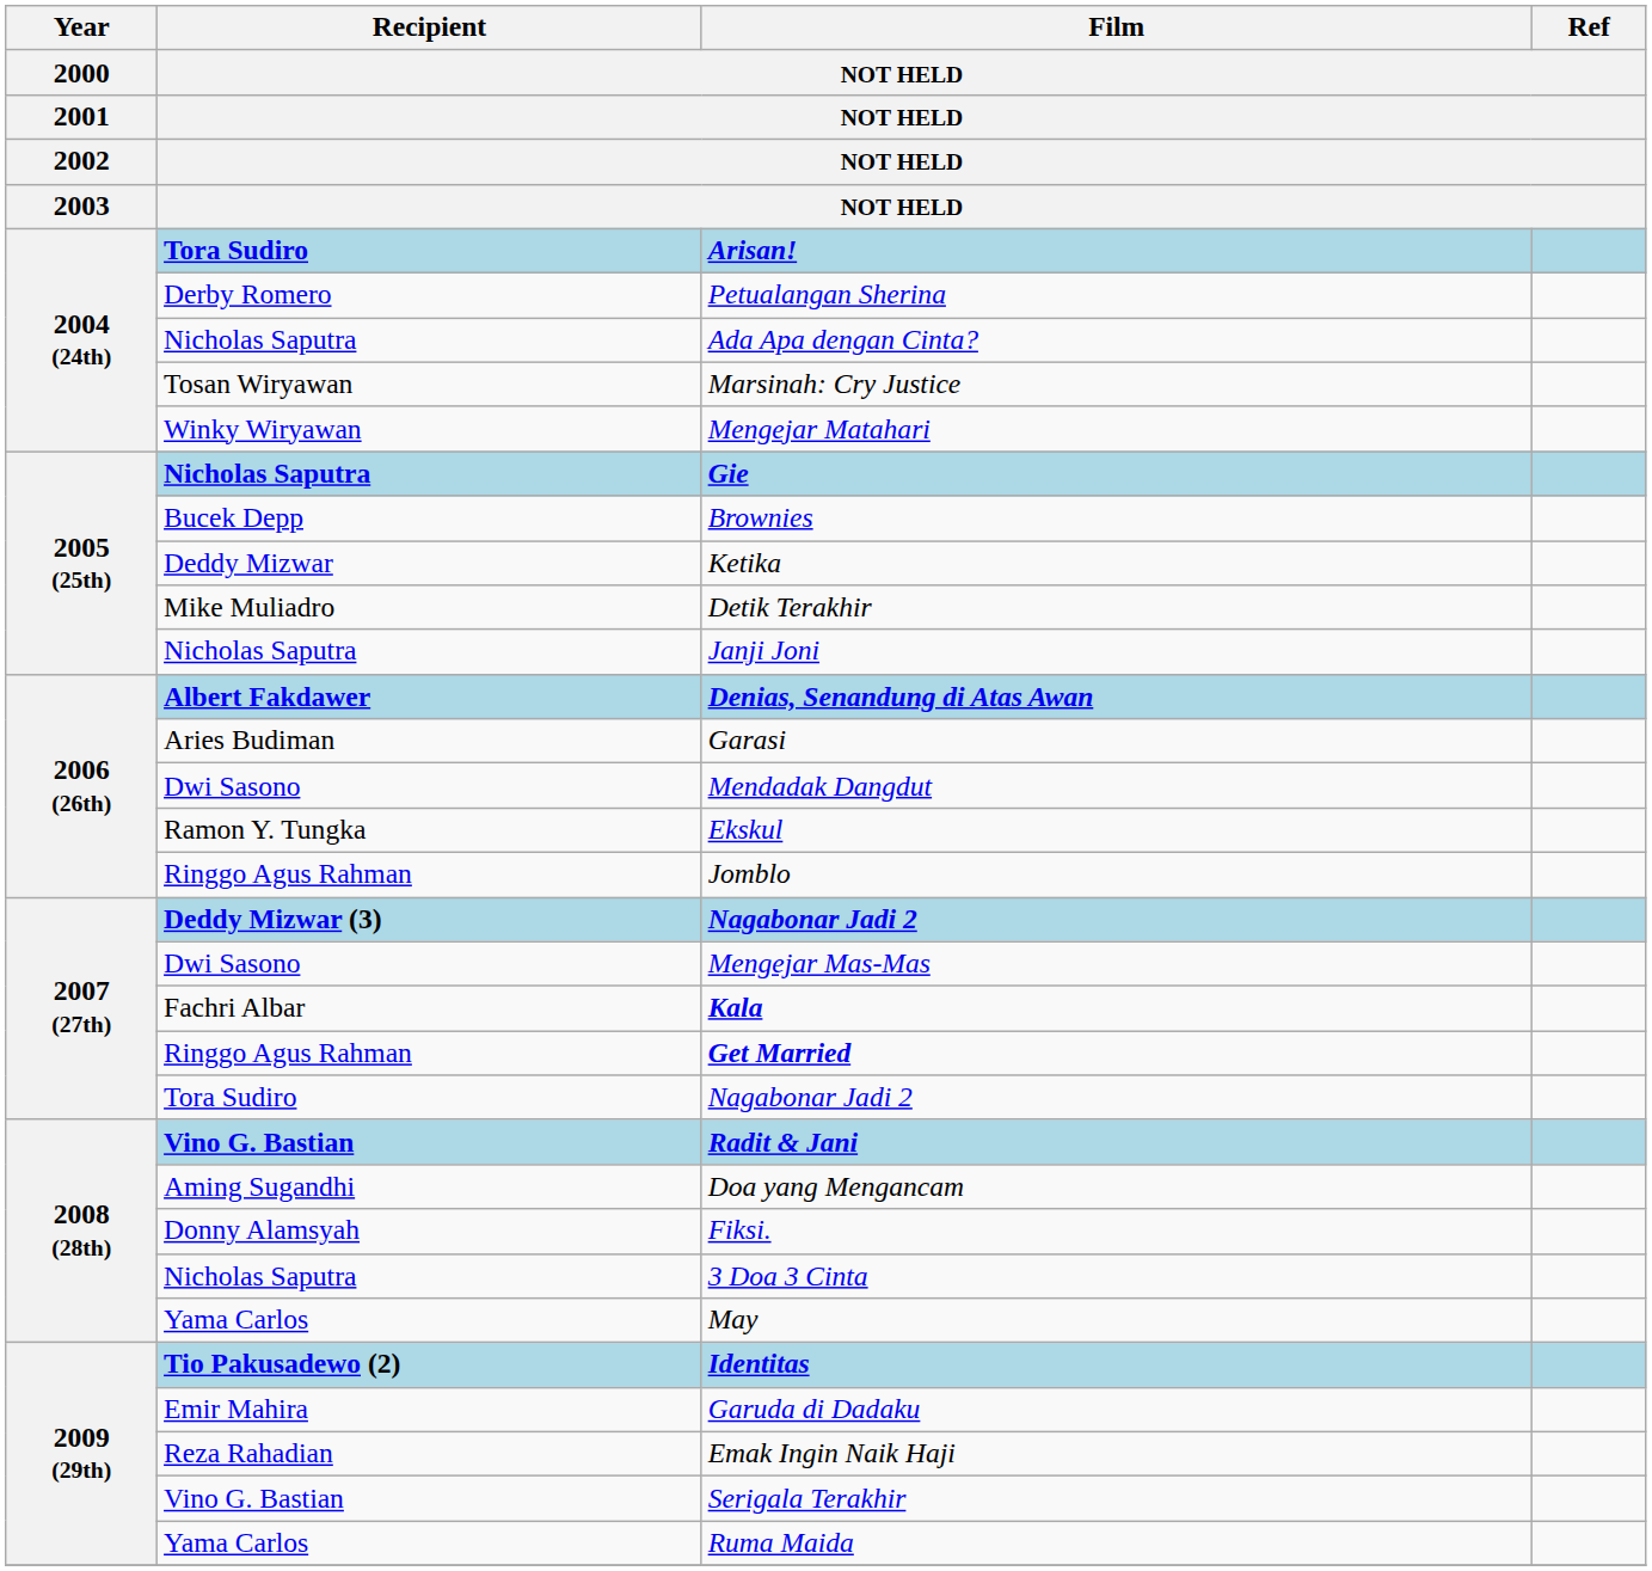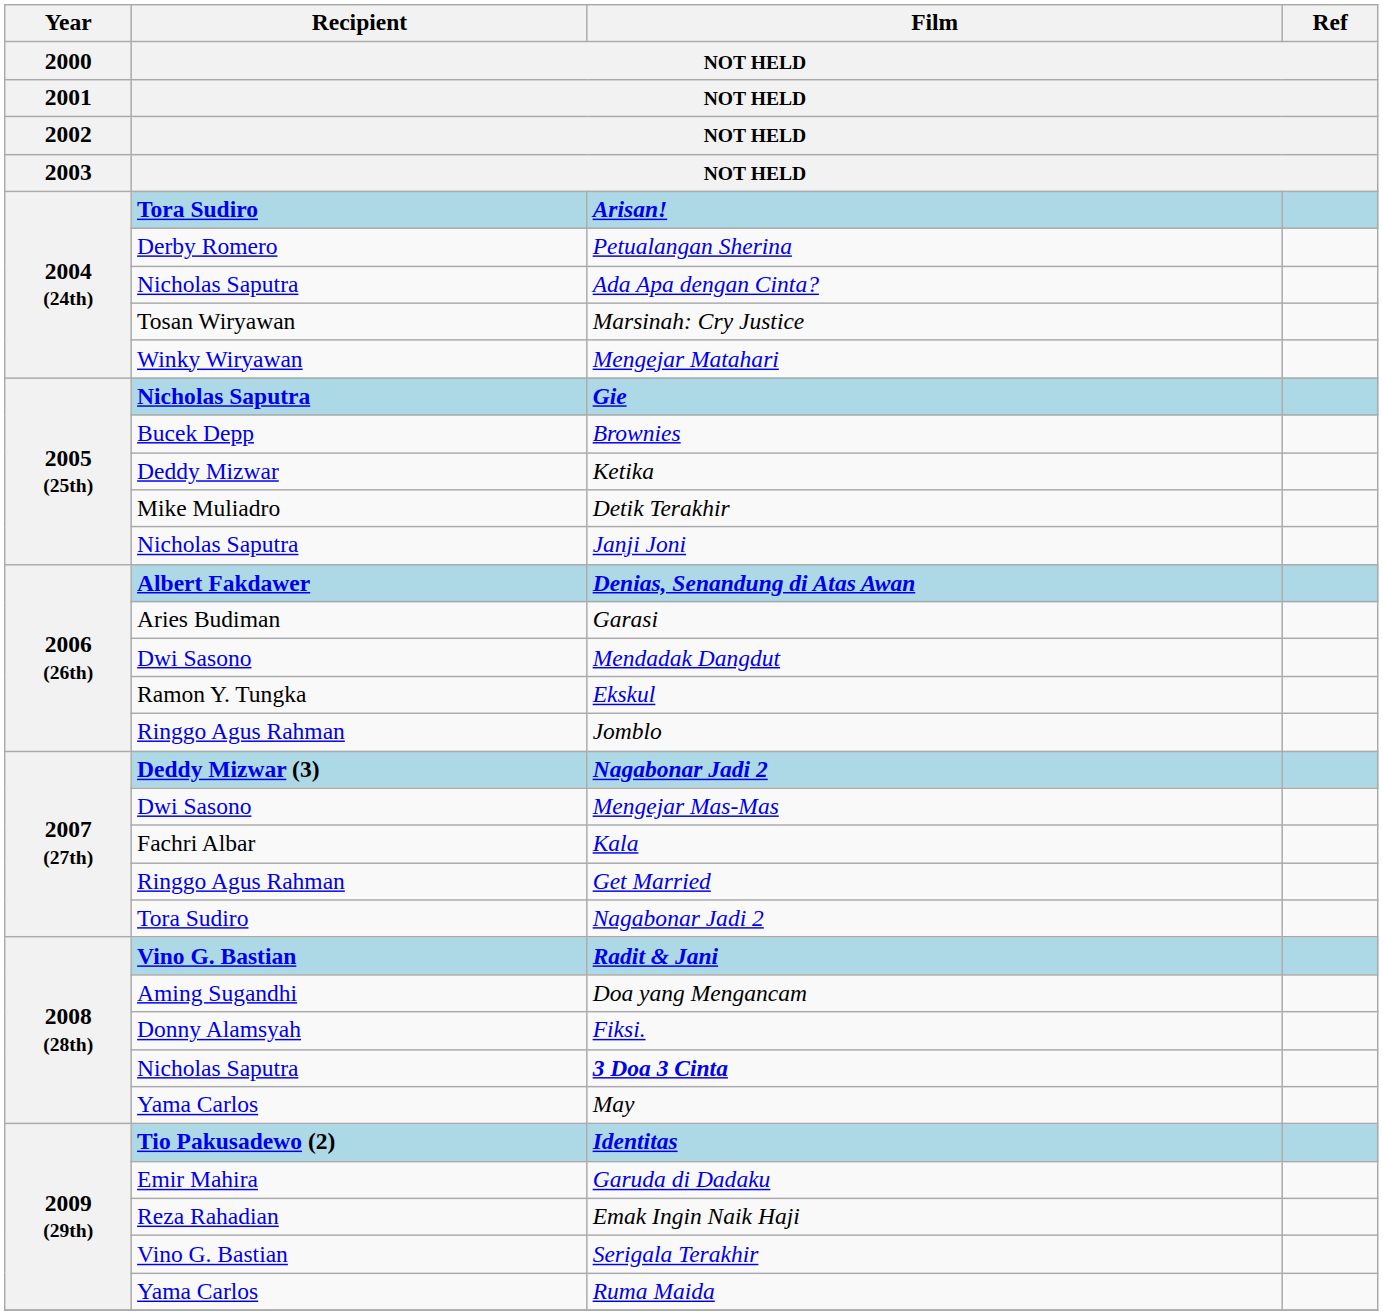 <table class="wikitable plainrowheaders sortable" style="width: 74%;">
 <tr>
 <th scope="col">Year</th>
 <th scope="col">Recipient</th>
 <th scope="col">Film</th>
 <th scope="col" class="unsortable">Ref</th>
 </tr>
 <tr>
 <th scope="row" style="text-align:center;">2000</th>
 <th colspan="3" scope="row"><small>NOT HELD</small></th>
 </tr>
 <tr>
 <th scope="row" style="text-align:center;">2001</th>
 <th colspan="3" scope="row"><small>NOT HELD</small></th>
 </tr>
 <tr>
 <th scope="row" style="text-align:center;">2002</th>
 <th colspan="3" scope="row"><small>NOT HELD</small></th>
 </tr>
 <tr>
 <th scope="row" style="text-align:center;">2003</th>
 <th colspan="3" scope="row"><small>NOT HELD</small></th>
 </tr>
 <tr>
 <th scope="row" rowspan="5" style="text-align:center;"><strong>2004</strong><br><small>(24th)</small></th>
 <td scope="row" style="background:lightblue;"><strong><a href='#'>Tora Sudiro</a></strong></td>
 <td style="background:lightblue;"><strong><em><a href='#'>Arisan!</a></em></strong></td>
 <td style="background:lightblue;"></td>
 </tr>
 <tr>
 <td scope="row"><a href='#'>Derby Romero</a></td>
 <td><em><a href='#'>Petualangan Sherina</a></em></td>
 <td></td>
 </tr>
 <tr>
 <td scope="row"><a href='#'>Nicholas Saputra</a></td>
 <td><em><a href='#'>Ada Apa dengan Cinta?</a></em></td>
 <td></td>
 </tr>
 <tr>
 <td scope="row">Tosan Wiryawan</td>
 <td><em>Marsinah: Cry Justice</em></td>
 <td></td>
 </tr>
 <tr>
 <td scope="row"><a href='#'>Winky Wiryawan</a></td>
 <td><em><a href='#'>Mengejar Matahari</a></em></td>
 <td></td>
 </tr>
 <tr>
 <th scope="row" rowspan="5" style="text-align:center;"><strong>2005</strong><br><small>(25th)</small></th>
 <td scope="row" style="background:lightblue;"><strong><a href='#'>Nicholas Saputra</a></strong></td>
 <td style="background:lightblue;"><strong><em><a href='#'>Gie</a></em></strong></td>
 <td style="background:lightblue;"></td>
 </tr>
 <tr>
 <td scope="row"><a href='#'>Bucek Depp</a></td>
 <td><em><a href='#'>Brownies</a></em></td>
 <td></td>
 </tr>
 <tr>
 <td scope="row"><a href='#'>Deddy Mizwar</a></td>
 <td><em>Ketika</em></td>
 <td></td>
 </tr>
 <tr>
 <td scope="row">Mike Muliadro</td>
 <td><em>Detik Terakhir</em></td>
 <td></td>
 </tr>
 <tr>
 <td scope="row"><a href='#'>Nicholas Saputra</a></td>
 <td><em><a href='#'>Janji Joni</a></em></td>
 <td></td>
 </tr>
 <tr>
 <th scope="row" rowspan="5" style="text-align:center;"><strong>2006</strong><br><small>(26th)</small></th>
 <td scope="row" style="background:lightblue;"><strong><a href='#'>Albert Fakdawer</a></strong></td>
 <td style="background:lightblue;"><strong><em><a href='#'>Denias, Senandung di Atas Awan</a></em></strong></td>
 <td style="background:lightblue;"></td>
 </tr>
 <tr>
 <td scope="row">Aries Budiman</td>
 <td><em>Garasi</em></td>
 <td></td>
 </tr>
 <tr>
 <td scope="row"><a href='#'>Dwi Sasono</a></td>
 <td><em><a href='#'>Mendadak Dangdut</a></em></td>
 <td></td>
 </tr>
 <tr>
 <td scope="row">Ramon Y. Tungka</td>
 <td><em><a href='#'>Ekskul</a></em></td>
 <td></td>
 </tr>
 <tr>
 <td scope="row"><a href='#'>Ringgo Agus Rahman</a></td>
 <td><em>Jomblo</em></td>
 <td></td>
 </tr>
 <tr>
 <th scope="row" rowspan="5" style="text-align:center;"><strong>2007</strong><br><small>(27th)</small></th>
 <td scope="row" style="background:lightblue;"><strong><a href='#'>Deddy Mizwar</a> (3)</strong></td>
 <td style="background:lightblue;"><strong><em><a href='#'>Nagabonar Jadi 2</a></em></strong></td>
 <td style="background:lightblue;"></td>
 </tr>
 <tr>
 <td scope="row"><a href='#'>Dwi Sasono</a></td>
 <td><em><a href='#'>Mengejar Mas-Mas</a></em></td>
 <td></td>
 </tr>
 <tr>
 <td scope="row">Fachri Albar</td>
-<td><strong><em><a href='#'>Kala</a></em></strong></td>
+<td><em><a href='#'>Kala</a></em></td>
 <td></td>
 </tr>
 <tr>
 <td scope="row"><a href='#'>Ringgo Agus Rahman</a></td>
-<td><strong><em><a href='#'>Get Married</a></em></strong></td>
+<td><em><a href='#'>Get Married</a></em></td>
 <td></td>
 </tr>
 <tr>
 <td scope="row"><a href='#'>Tora Sudiro</a></td>
 <td><em><a href='#'>Nagabonar Jadi 2</a></em></td>
 <td></td>
 </tr>
 <tr>
 <th scope="row" rowspan="5" style="text-align:center;"><strong>2008</strong><br><small>(28th)</small></th>
 <td scope="row" style="background:lightblue;"><strong><a href='#'>Vino G. Bastian</a></strong></td>
 <td style="background:lightblue;"><strong><em><a href='#'>Radit & Jani</a></em></strong></td>
 <td style="background:lightblue;"></td>
 </tr>
 <tr>
 <td scope="row"><a href='#'>Aming Sugandhi</a></td>
 <td><em>Doa yang Mengancam</em></td>
 <td></td>
 </tr>
 <tr>
 <td scope="row"><a href='#'>Donny Alamsyah</a></td>
 <td><em><a href='#'>Fiksi.</a></em></td>
 <td></td>
 </tr>
 <tr>
 <td scope="row"><a href='#'>Nicholas Saputra</a></td>
-<td><em><a href='#'>3 Doa 3 Cinta</a></em></td>
+<td><strong><em><a href='#'>3 Doa 3 Cinta</a></em></strong></td>
 <td></td>
 </tr>
 <tr>
 <td scope="row"><a href='#'>Yama Carlos</a></td>
 <td><em>May</em></td>
 <td></td>
 </tr>
 <tr>
 <th scope="row" rowspan="5" style="text-align:center;"><strong>2009</strong><br><small>(29th)</small></th>
 <td scope="row" style="background:lightblue;"><strong><a href='#'>Tio Pakusadewo</a> (2)</strong></td>
 <td style="background:lightblue;"><strong><em><a href='#'>Identitas</a></em></strong></td>
 <td style="background:lightblue;"></td>
 </tr>
 <tr>
 <td scope="row"><a href='#'>Emir Mahira</a></td>
 <td><em><a href='#'>Garuda di Dadaku</a></em></td>
 <td></td>
 </tr>
 <tr>
 <td scope="row"><a href='#'>Reza Rahadian</a></td>
 <td><em>Emak Ingin Naik Haji</em></td>
 <td></td>
 </tr>
 <tr>
 <td scope="row"><a href='#'>Vino G. Bastian</a></td>
 <td><em><a href='#'>Serigala Terakhir</a></em></td>
 <td></td>
 </tr>
 <tr>
 <td scope="row"><a href='#'>Yama Carlos</a></td>
 <td><em><a href='#'>Ruma Maida</a></em></td>
 <td></td>
 </tr>
 <tr>
 </tr>
 </table>
